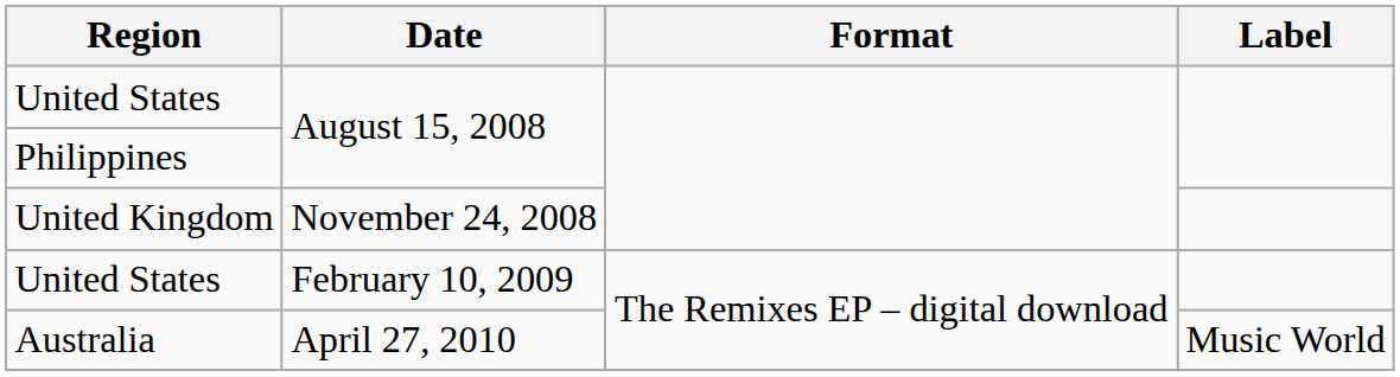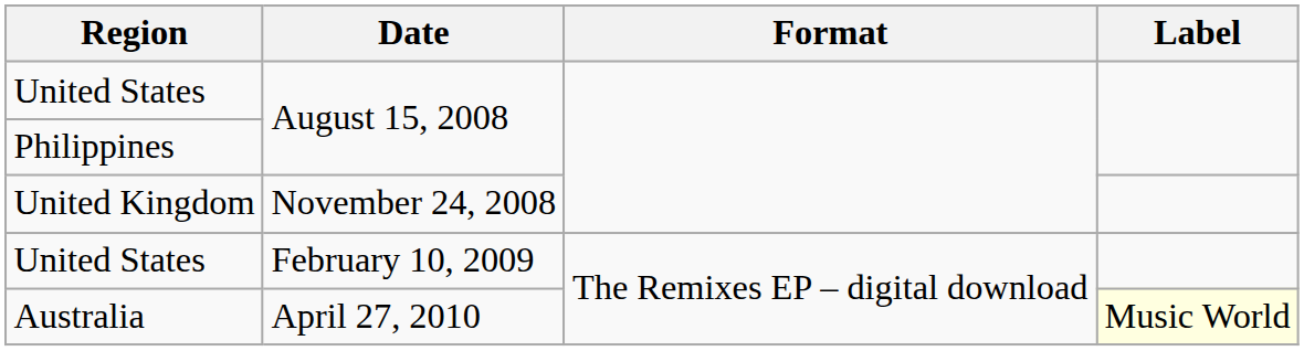 <table class="wikitable plainrowheaders">
 <tr>
 <th>Region</th>
 <th>Date</th>
 <th>Format</th>
 <th>Label</th>
 </tr>
 <tr>
 <td>United States</td>
 <td rowspan="2">August 15, 2008</td>
 <td rowspan="3"></td>
 <td rowspan="2"></td>
 </tr>
 <tr>
 <td>Philippines</td>
 </tr>
 <tr>
 <td>United Kingdom</td>
 <td>November 24, 2008</td>
 <td></td>
 </tr>
 <tr>
 <td>United States</td>
 <td>February 10, 2009</td>
 <td rowspan="2">The Remixes EP – digital download</td>
 <td></td>
 </tr>
 <tr>
 <td>Australia</td>
 <td>April 27, 2010</td>
-<td>Music World</td>
+<td style="background: lightyellow;">Music World</td>
 </tr>
 </table>
